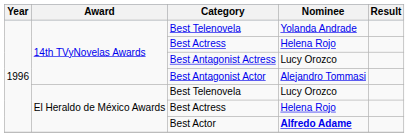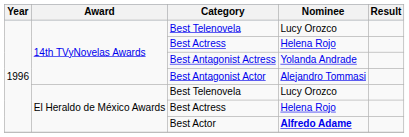 <table class="wikitable">
 <tr style="background:#b0c4de;">
 <th>Year</th>
 <th>Award</th>
 <th>Category</th>
 <th>Nominee</th>
 <th>Result</th>
 </tr>
 <tr>
 <td rowspan=7>1996</td>
 <td rowspan=4><a href='#'>14th TVyNovelas Awards</a></td>
 <td><a href='#'>Best Telenovela</a></td>
-<td><a href='#'>Yolanda Andrade</a></td>
+<td>Lucy Orozco</td>
 <td></td>
 </tr>
 <tr>
 <td><a href='#'>Best Actress</a></td>
 <td><a href='#'>Helena Rojo</a></td>
 <td></td>
 </tr>
 <tr>
 <td><a href='#'>Best Antagonist Actress</a></td>
-<td>Lucy Orozco</td>
+<td><a href='#'>Yolanda Andrade</a></td>
 <td></td>
 </tr>
 <tr>
 <td><a href='#'>Best Antagonist Actor</a></td>
 <td><a href='#'>Alejandro Tommasi</a></td>
 <td></td>
 </tr>
 <tr>
 <td rowspan=3>El Heraldo de México Awards</td>
 <td>Best Telenovela</td>
 <td>Lucy Orozco</td>
 <td></td>
 </tr>
 <tr>
 <td>Best Actress</td>
 <td><a href='#'>Helena Rojo</a></td>
 <td></td>
 </tr>
 <tr>
 <td>Best Actor</td>
 <td><strong><a href='#'>Alfredo Adame</a></strong></td>
 <td></td>
 </tr>
 <tr>
 </tr>
 </table>
